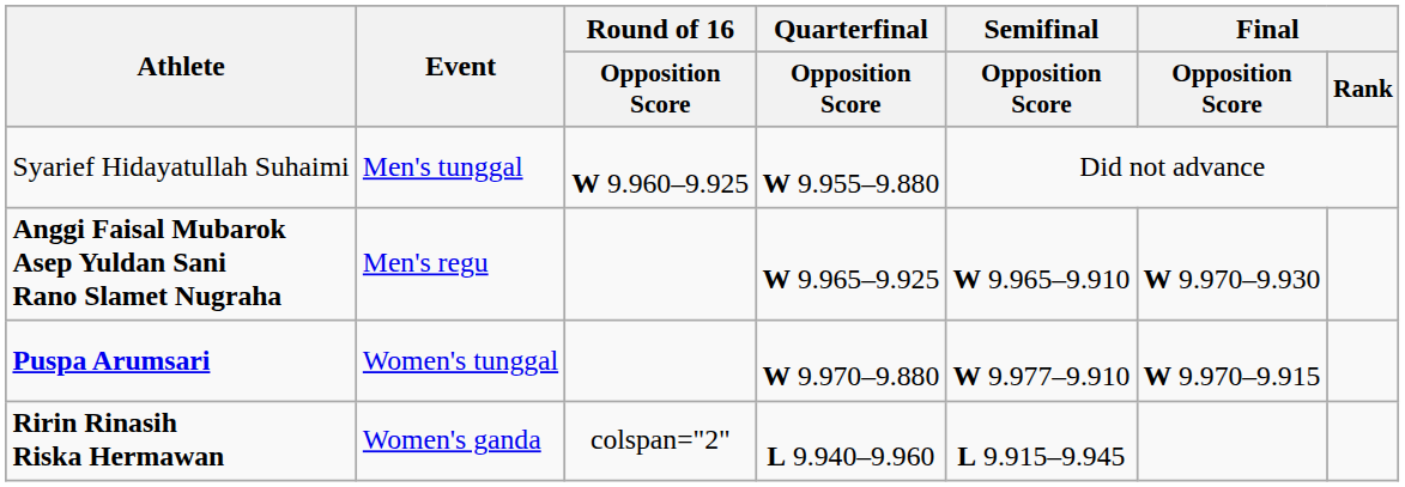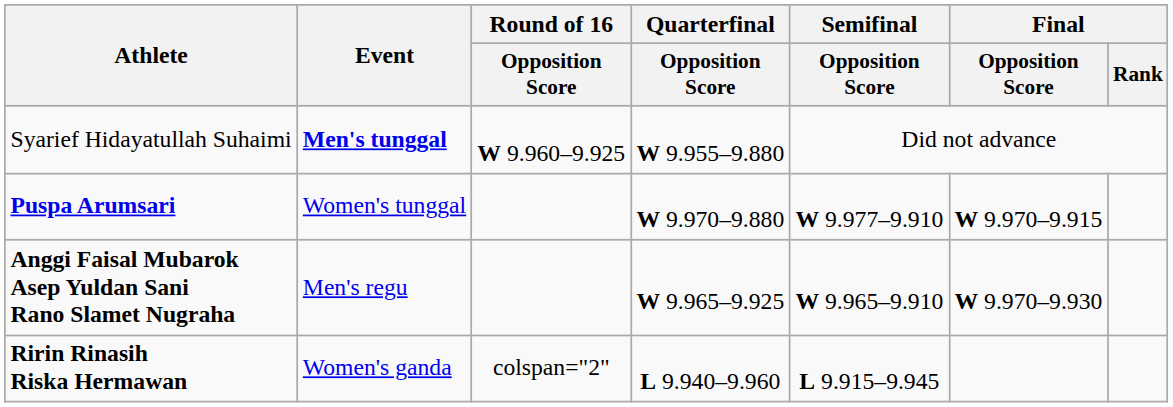 <table class=wikitable style="font-size:85%; text-align:center">
 <tr>
 <th rowspan="2">Athlete</th>
 <th rowspan="2">Event</th>
 <th>Round of 16</th>
 <th>Quarterfinal</th>
 <th>Semifinal</th>
 <th colspan="2">Final</th>
 </tr>
 <tr style="font-size:90%", align="center">
 <th>Opposition<br>Score</th>
 <th>Opposition<br>Score</th>
 <th>Opposition<br>Score</th>
 <th>Opposition<br>Score</th>
 <th>Rank</th>
 </tr>
 <tr align="center">
 <td align=left>Syarief Hidayatullah Suhaimi</td>
-<td align=left><a href='#'>Men's tunggal</a></td>
+<td align=left><strong><a href='#'>Men's tunggal</a></strong></td>
 <td><br><strong>W</strong> 9.960–9.925</td>
 <td><br><strong>W</strong> 9.955–9.880</td>
 <td colspan="3">Did not advance</td>
+</tr>
+<tr>
+<td align=left><strong><a href='#'>Puspa Arumsari</a></strong></td>
+<td align=left><a href='#'>Women's tunggal</a></td>
+<td></td>
+<td><br><strong>W</strong> 9.970–9.880</td>
+<td><br><strong>W</strong> 9.977–9.910</td>
+<td><br><strong>W</strong> 9.970–9.915</td>
+<td></td>
 </tr>
 <tr>
 <td align=left><strong>Anggi Faisal Mubarok<br>Asep Yuldan Sani<br>Rano Slamet Nugraha</strong></td>
 <td align=left><a href='#'>Men's regu</a></td>
 <td></td>
 <td><br><strong>W</strong> 9.965–9.925</td>
 <td><br><strong>W</strong> 9.965–9.910</td>
 <td><br><strong>W</strong> 9.970–9.930</td>
 <td></td>
 </tr>
 <tr>
-<td align=left><strong><a href='#'>Puspa Arumsari</a></strong></td>
-<td align=left><a href='#'>Women's tunggal</a></td>
-<td></td>
-<td><br><strong>W</strong> 9.970–9.880</td>
-<td><br><strong>W</strong> 9.977–9.910</td>
-<td><br><strong>W</strong> 9.970–9.915</td>
-<td></td>
-</tr>
-<tr>
 <td align=left><strong>Ririn Rinasih<br>Riska Hermawan</strong></td>
 <td align=left><a href='#'>Women's ganda</a></td>
 <td>colspan="2" </td>
 <td><br><strong>L</strong> 9.940–9.960</td>
 <td><br><strong>L</strong> 9.915–9.945</td>
 <td></td>
 </tr>
 </table>
